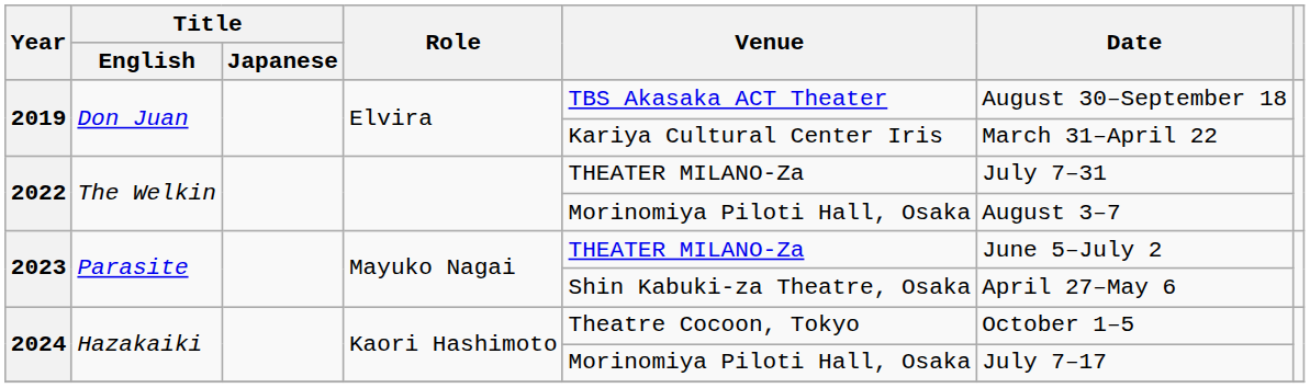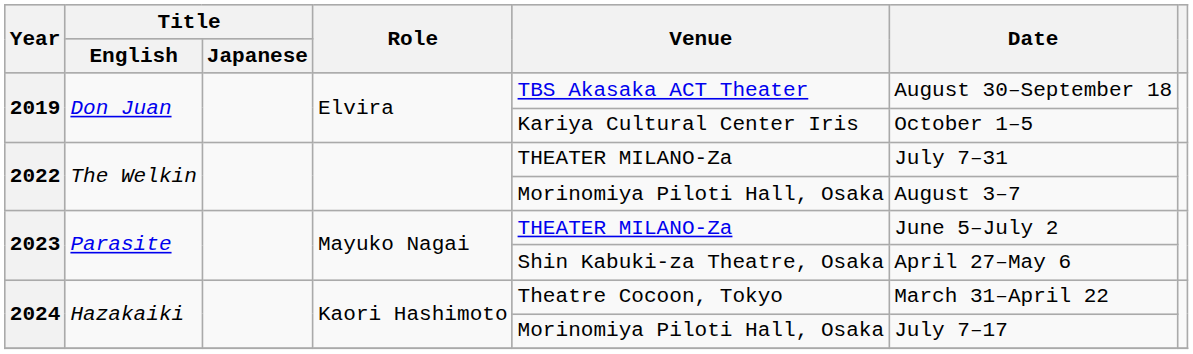 <table class="wikitable plainrowheaders sortable" style="text-align:left; font-size:100%">
 <tr>
 <th scope="col" rowspan="2">Year</th>
 <th scope="col" colspan="2">Title</th>
 <th scope="col" rowspan="2">Role</th>
 <th scope="col" rowspan="2" class="unsortable">Venue</th>
 <th scope="col" rowspan="2">Date</th>
 <th rowspan="2" scope="col" class="unsortable"></th>
 </tr>
 <tr>
 <th>English</th>
 <th>Japanese</th>
 </tr>
 <tr>
 <th scope="row" rowspan="2">2019</th>
 <td rowspan="2"><em><a href='#'>Don Juan</a></em></td>
 <td rowspan="2"></td>
 <td rowspan="2">Elvira</td>
 <td><a href='#'>TBS Akasaka ACT Theater</a></td>
 <td>August 30–September 18</td>
 <td style="text-align:center" rowspan="2"></td>
 </tr>
 <tr>
 <td>Kariya Cultural Center Iris</td>
-<td>March 31–April 22</td>
+<td>October 1–5</td>
 </tr>
 <tr>
 <th scope="row" rowspan="2">2022</th>
 <td rowspan="2"><em>The Welkin</em></td>
 <td rowspan="2"></td>
 <td rowspan="2"></td>
 <td>THEATER MILANO-Za</td>
 <td>July 7–31</td>
 <td style="text-align:center" rowspan="2"></td>
 </tr>
 <tr>
 <td>Morinomiya Piloti Hall, Osaka</td>
 <td>August 3–7</td>
 </tr>
 <tr>
 <th scope="row" rowspan="2">2023</th>
 <td rowspan="2"><em><a href='#'>Parasite</a></em></td>
 <td rowspan="2"></td>
 <td rowspan="2">Mayuko Nagai</td>
 <td><a href='#'>THEATER MILANO-Za</a></td>
 <td>June 5–July 2</td>
 <td style="text-align:center" rowspan="2"></td>
 </tr>
 <tr>
 <td>Shin Kabuki-za Theatre, Osaka</td>
 <td>April 27–May 6</td>
 </tr>
 <tr>
 <th scope="row" rowspan="2">2024</th>
 <td rowspan="2"><em>Hazakaiki</em></td>
 <td rowspan="2"></td>
 <td rowspan="2">Kaori Hashimoto</td>
 <td>Theatre Cocoon, Tokyo</td>
-<td>October 1–5</td>
+<td>March 31–April 22</td>
 <td style="text-align:center" rowspan="2"></td>
 </tr>
 <tr>
 <td>Morinomiya Piloti Hall, Osaka</td>
 <td>July 7–17</td>
 </tr>
 <tr>
 </tr>
 </table>
